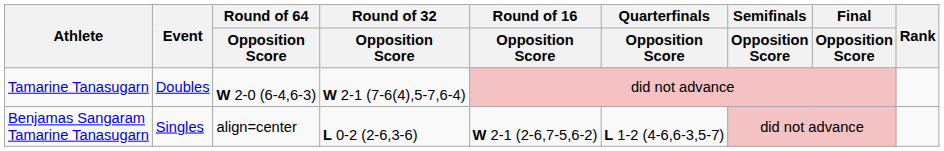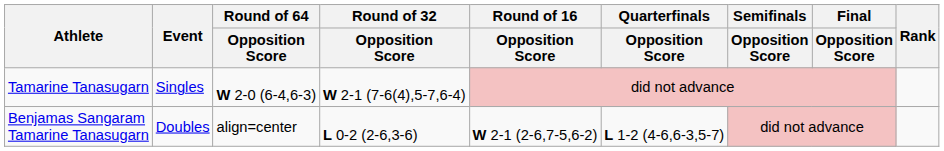 <table class=wikitable style="font-size:90%">
 <tr>
 <th rowspan="2">Athlete</th>
 <th rowspan="2">Event</th>
 <th>Round of 64</th>
 <th>Round of 32</th>
 <th>Round of 16</th>
 <th>Quarterfinals</th>
 <th>Semifinals</th>
 <th>Final</th>
 <th rowspan="2">Rank</th>
 </tr>
 <tr>
 <th>Opposition<br>Score</th>
 <th>Opposition<br>Score</th>
 <th>Opposition<br>Score</th>
 <th>Opposition<br>Score</th>
 <th>Opposition<br>Score</th>
 <th>Opposition<br>Score</th>
 </tr>
 <tr>
 <td><a href='#'>Tamarine Tanasugarn</a></td>
-<td><a href='#'>Doubles</a></td>
+<td><a href='#'>Singles</a></td>
 <td><br> <strong>W</strong> 2-0 (6-4,6-3)</td>
 <td><br> <strong>W</strong> 2-1 (7-6(4),5-7,6-4)</td>
 <td bgcolor="f4c2c2" colspan="4"  align="center">did not advance</td>
 <td></td>
 </tr>
 <tr>
 <td><a href='#'>Benjamas Sangaram</a><br><a href='#'>Tamarine Tanasugarn</a></td>
-<td><a href='#'>Singles</a></td>
+<td><a href='#'>Doubles</a></td>
 <td>align=center </td>
 <td><br> <strong>L</strong> 0-2 (2-6,3-6)</td>
 <td><br> <strong>W</strong> 2-1 (2-6,7-5,6-2)</td>
 <td><br> <strong>L</strong> 1-2 (4-6,6-3,5-7)</td>
 <td bgcolor="f4c2c2" colspan="2"  align="center">did not advance</td>
 <td></td>
 </tr>
 </table>
